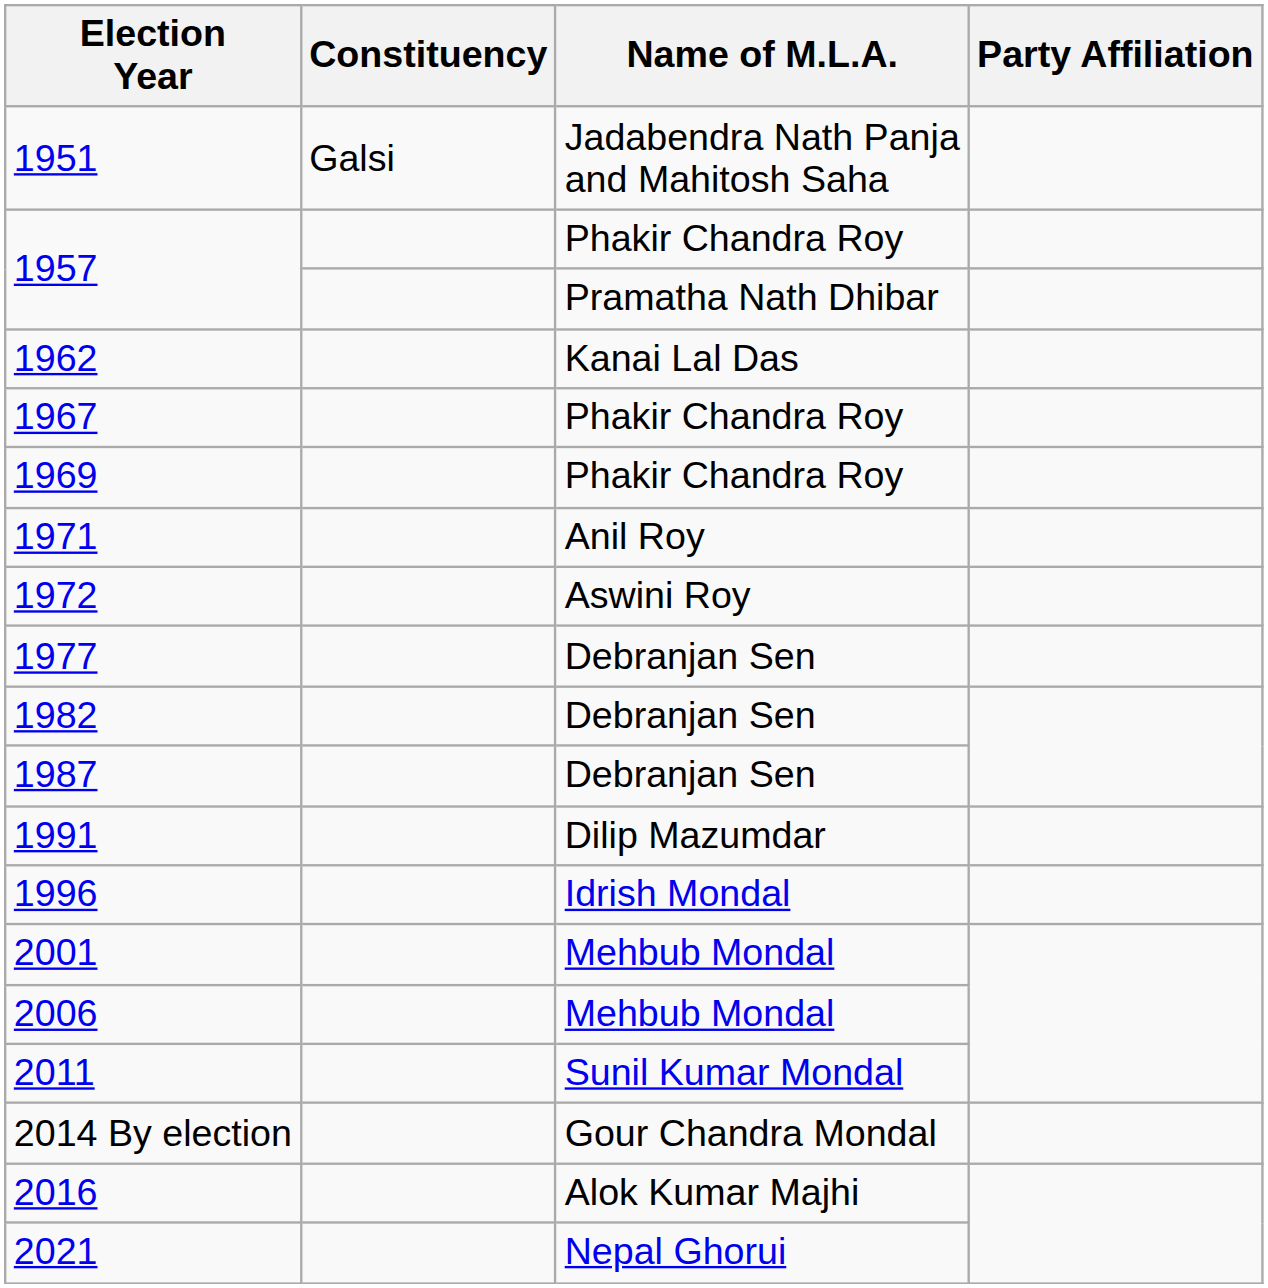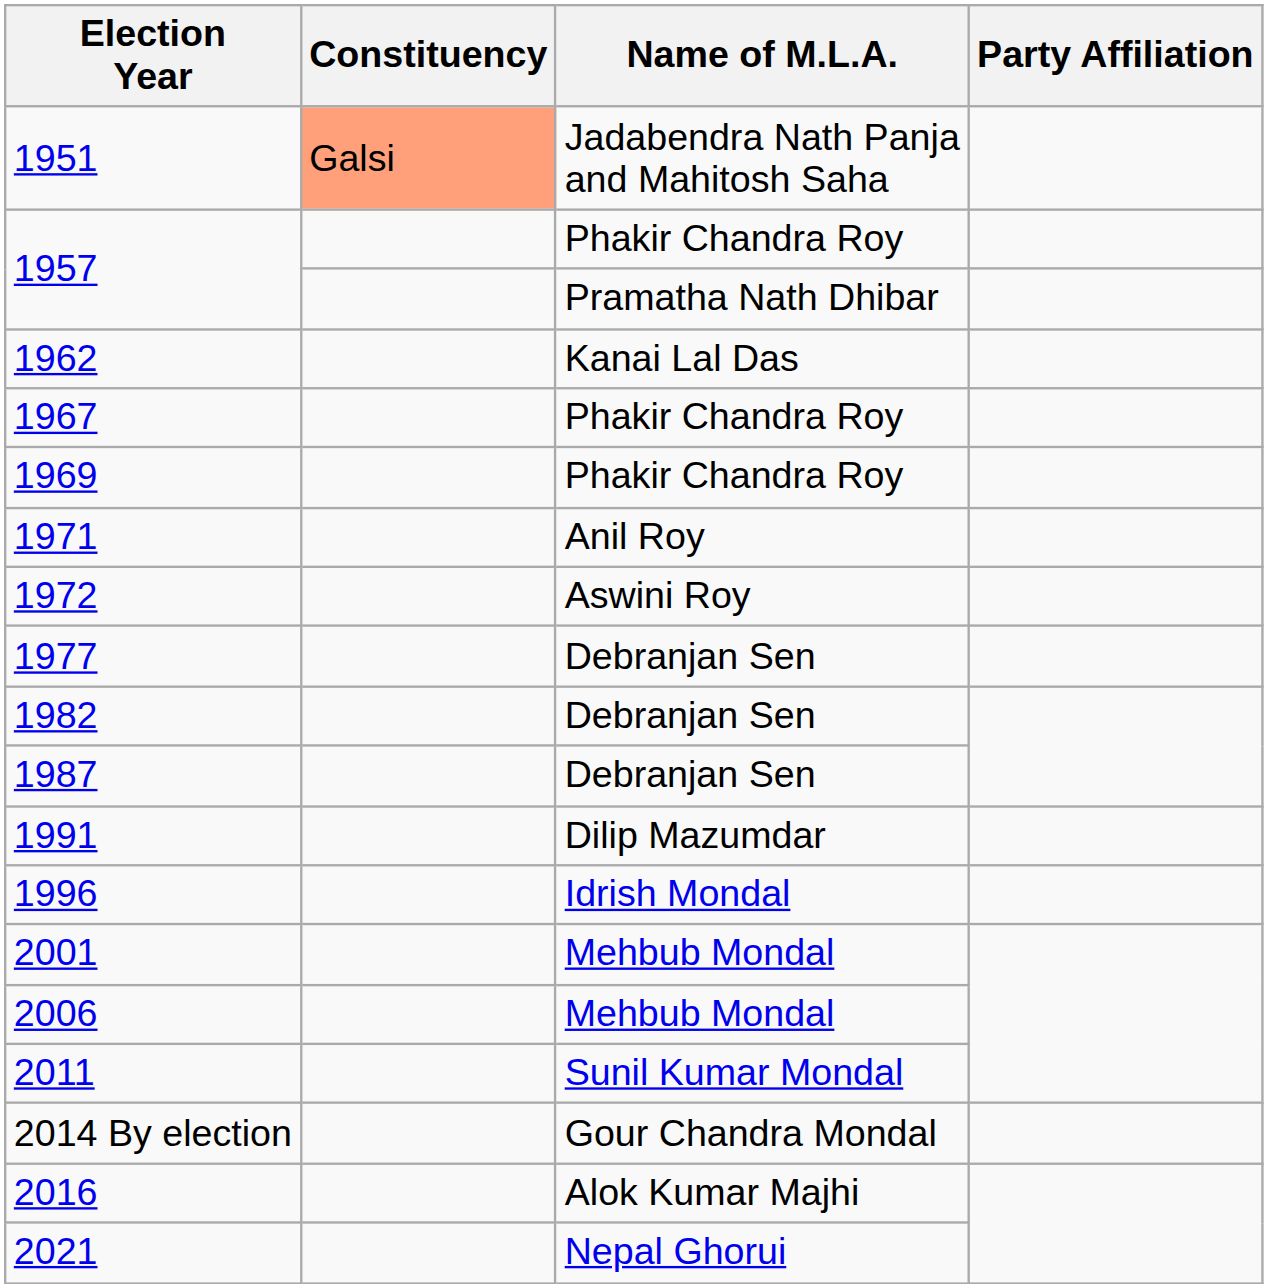 <table class="wikitable sortable">
 <tr>
 <th>Election<br> Year</th>
 <th>Constituency</th>
 <th>Name of M.L.A.</th>
 <th colspan=2>Party Affiliation</th>
 </tr>
 <tr>
 <td><a href='#'>1951</a></td>
-<td>Galsi</td>
+<td style="background: lightsalmon;">Galsi</td>
 <td>Jadabendra Nath Panja<br>and Mahitosh Saha</td>
 <td></td>
 </tr>
 <tr>
 <td rowspan=2><a href='#'>1957</a></td>
 <td></td>
 <td>Phakir Chandra Roy</td>
 <td></td>
 </tr>
 <tr>
 <td></td>
 <td>Pramatha Nath Dhibar</td>
 <td></td>
 </tr>
 <tr>
 <td><a href='#'>1962</a></td>
 <td></td>
 <td>Kanai Lal Das</td>
 <td></td>
 </tr>
 <tr>
 <td><a href='#'>1967</a></td>
 <td></td>
 <td>Phakir Chandra Roy</td>
 <td></td>
 </tr>
 <tr>
 <td><a href='#'>1969</a></td>
 <td></td>
 <td>Phakir Chandra Roy</td>
 </tr>
 <tr>
 <td><a href='#'>1971</a></td>
 <td></td>
 <td>Anil Roy</td>
 <td></td>
 </tr>
 <tr>
 <td><a href='#'>1972</a></td>
 <td></td>
 <td>Aswini Roy</td>
 <td></td>
 </tr>
 <tr>
 <td><a href='#'>1977</a></td>
 <td></td>
 <td>Debranjan Sen</td>
 <td></td>
 </tr>
 <tr>
 <td><a href='#'>1982</a></td>
 <td></td>
 <td>Debranjan Sen</td>
 </tr>
 <tr>
 <td><a href='#'>1987</a></td>
 <td></td>
 <td>Debranjan Sen</td>
 </tr>
 <tr>
 <td><a href='#'>1991</a></td>
 <td></td>
 <td>Dilip Mazumdar</td>
 <td></td>
 </tr>
 <tr>
 <td><a href='#'>1996</a></td>
 <td></td>
 <td><a href='#'>Idrish Mondal</a></td>
 <td></td>
 </tr>
 <tr>
 <td><a href='#'>2001</a></td>
 <td></td>
 <td><a href='#'>Mehbub Mondal</a></td>
 </tr>
 <tr>
 <td><a href='#'>2006</a></td>
 <td></td>
 <td><a href='#'>Mehbub Mondal</a></td>
 </tr>
 <tr>
 <td><a href='#'>2011</a></td>
 <td></td>
 <td><a href='#'>Sunil Kumar Mondal</a></td>
 </tr>
 <tr>
 <td>2014 By election</td>
 <td></td>
 <td>Gour Chandra Mondal</td>
 <td></td>
 </tr>
 <tr>
 <td><a href='#'>2016</a></td>
 <td></td>
 <td>Alok Kumar Majhi</td>
 </tr>
 <tr>
 <td><a href='#'>2021</a></td>
 <td></td>
 <td><a href='#'>Nepal Ghorui</a></td>
 </tr>
 </table>
